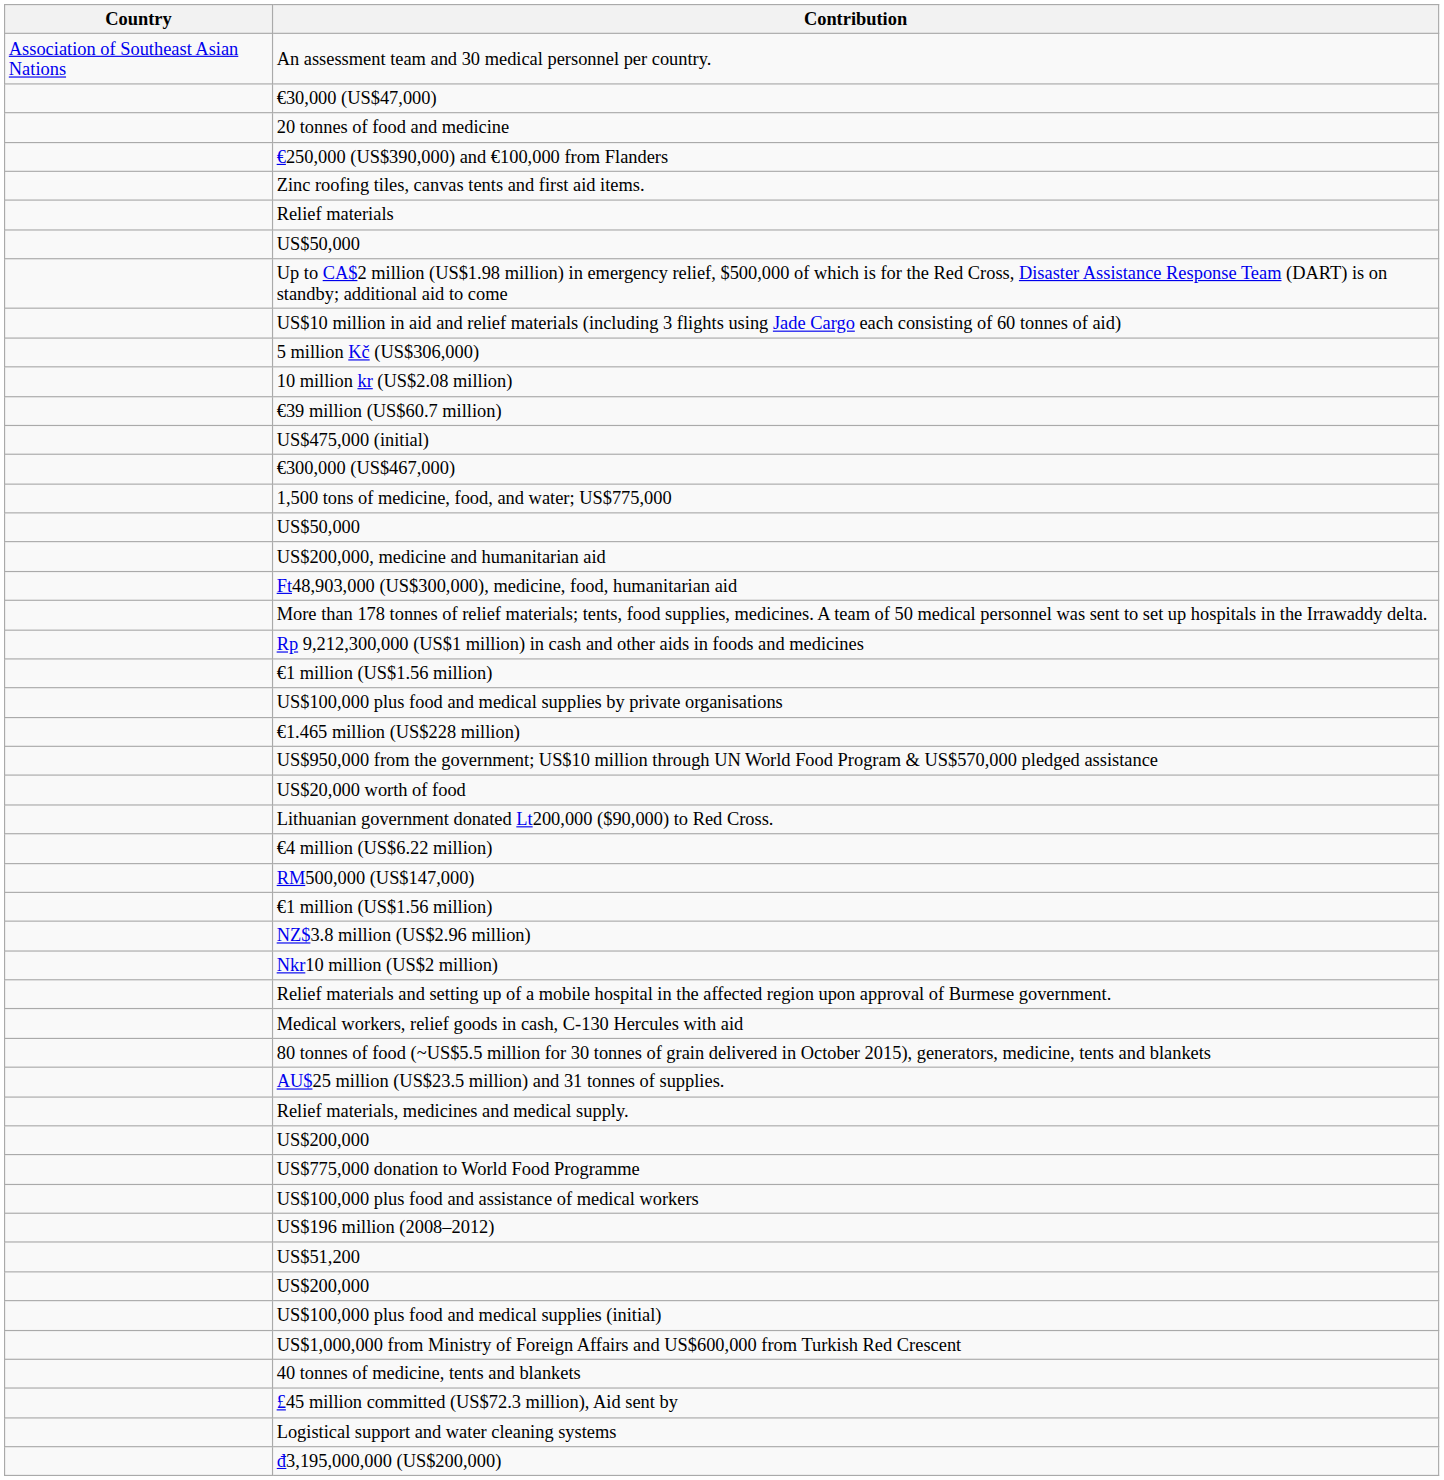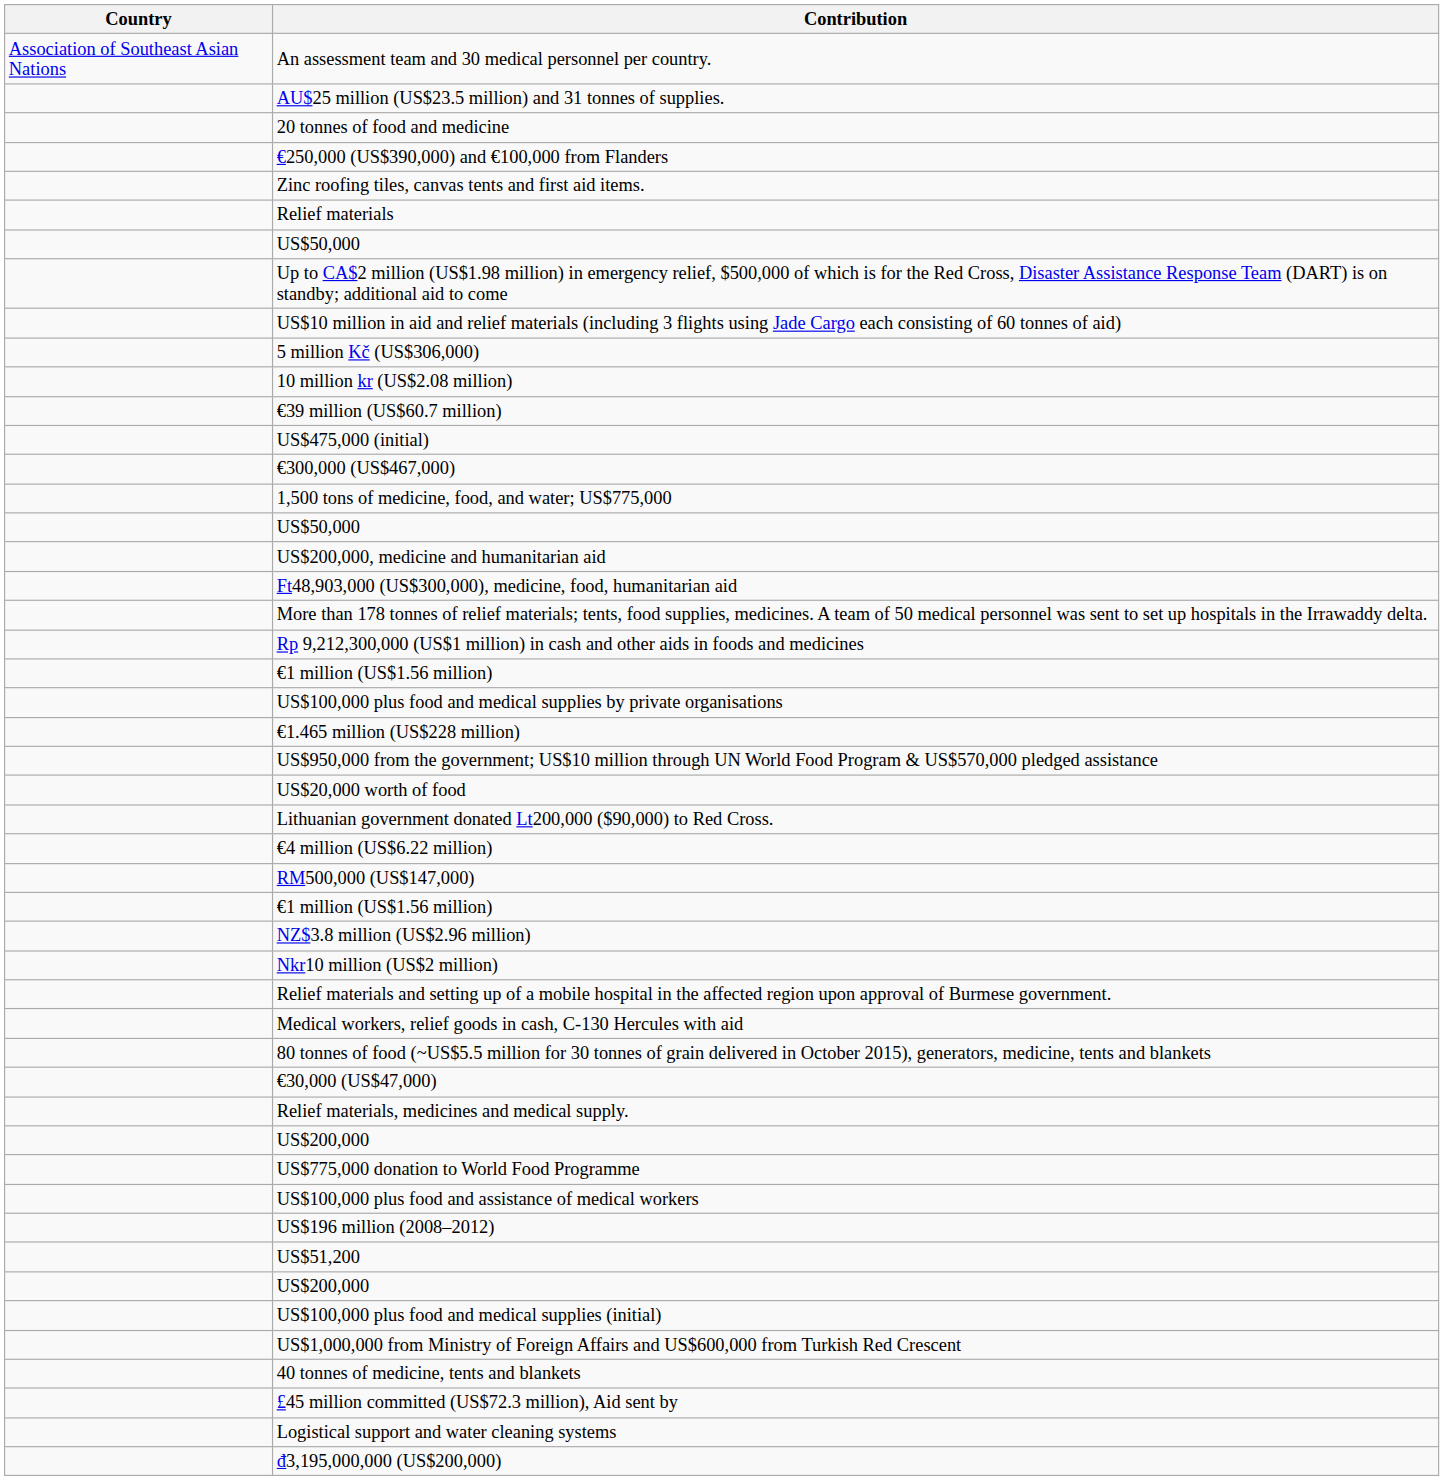 <table class="wikitable">
 <tr>
 <th>Country</th>
 <th>Contribution</th>
 </tr>
 <tr>
 <td><a href='#'>Association of Southeast Asian Nations</a></td>
 <td>An assessment team and 30 medical personnel per country.</td>
 </tr>
 <tr>
 <td></td>
-<td>€30,000 (US$47,000)</td>
+<td><a href='#'>AU$</a>25 million (US$23.5 million) and 31 tonnes of supplies.</td>
 </tr>
 <tr>
 <td></td>
 <td>20 tonnes of food and medicine</td>
 </tr>
 <tr>
 <td></td>
 <td><a href='#'>€</a>250,000 (US$390,000) and €100,000 from Flanders</td>
 </tr>
 <tr>
 <td></td>
 <td>Zinc roofing tiles, canvas tents and first aid items.</td>
 </tr>
 <tr>
 <td></td>
 <td>Relief materials</td>
 </tr>
 <tr>
 <td></td>
 <td>US$50,000</td>
 </tr>
 <tr>
 <td></td>
 <td>Up to <a href='#'>CA$</a>2 million (US$1.98 million) in emergency relief, $500,000 of which is for the Red Cross, <a href='#'>Disaster Assistance Response Team</a> (DART) is on standby; additional aid to come</td>
 </tr>
 <tr>
 <td></td>
 <td>US$10 million in aid and relief materials (including 3 flights using <a href='#'>Jade Cargo</a> each consisting of 60 tonnes of aid)</td>
 </tr>
 <tr>
 <td></td>
 <td>5 million <a href='#'>Kč</a> (US$306,000)</td>
 </tr>
 <tr>
 <td></td>
 <td>10 million <a href='#'>kr</a> (US$2.08 million)</td>
 </tr>
 <tr>
 <td></td>
 <td>€39 million (US$60.7 million)</td>
 </tr>
 <tr>
 <td></td>
 <td>US$475,000 (initial)</td>
 </tr>
 <tr>
 <td></td>
 <td>€300,000 (US$467,000)</td>
 </tr>
 <tr>
 <td></td>
 <td>1,500 tons of medicine, food, and water; US$775,000</td>
 </tr>
 <tr>
 <td></td>
 <td>US$50,000</td>
 </tr>
 <tr>
 <td></td>
 <td>US$200,000, medicine and humanitarian aid</td>
 </tr>
 <tr>
 <td></td>
 <td><a href='#'>Ft</a>48,903,000 (US$300,000), medicine, food, humanitarian aid</td>
 </tr>
 <tr>
 <td></td>
 <td>More than 178 tonnes of relief materials; tents, food supplies, medicines. A team of 50 medical personnel was sent to set up hospitals in the Irrawaddy delta.</td>
 </tr>
 <tr>
 <td></td>
 <td><a href='#'>Rp</a> 9,212,300,000 (US$1 million) in cash and other aids in foods and medicines</td>
 </tr>
 <tr>
 <td></td>
 <td>€1 million (US$1.56 million)</td>
 </tr>
 <tr>
 <td></td>
 <td>US$100,000 plus food and medical supplies by private organisations</td>
 </tr>
 <tr>
 <td></td>
 <td>€1.465 million (US$228 million)</td>
 </tr>
 <tr>
 <td></td>
 <td>US$950,000 from the government; US$10 million through UN World Food Program & US$570,000 pledged assistance</td>
 </tr>
 <tr>
 <td></td>
 <td>US$20,000 worth of food</td>
 </tr>
 <tr>
 <td></td>
 <td>Lithuanian government donated <a href='#'>Lt</a>200,000 ($90,000) to Red Cross.</td>
 </tr>
 <tr>
 <td></td>
 <td>€4 million (US$6.22 million)</td>
 </tr>
 <tr>
 <td></td>
 <td><a href='#'>RM</a>500,000 (US$147,000)</td>
 </tr>
 <tr>
 <td></td>
 <td>€1 million (US$1.56 million)</td>
 </tr>
 <tr>
 <td></td>
 <td><a href='#'>NZ$</a>3.8 million (US$2.96 million)</td>
 </tr>
 <tr>
 <td></td>
 <td><a href='#'>Nkr</a>10 million (US$2 million)</td>
 </tr>
 <tr>
 <td></td>
 <td>Relief materials and setting up of a mobile hospital in the affected region upon approval of Burmese government.</td>
 </tr>
 <tr>
 <td></td>
 <td>Medical workers, relief goods in cash, C-130 Hercules with aid</td>
 </tr>
 <tr>
 <td></td>
 <td>80 tonnes of food (~US$5.5 million for 30 tonnes of grain delivered in October 2015), generators, medicine, tents and blankets</td>
 </tr>
 <tr>
 <td></td>
-<td><a href='#'>AU$</a>25 million (US$23.5 million) and 31 tonnes of supplies.</td>
+<td>€30,000 (US$47,000)</td>
 </tr>
 <tr>
 <td></td>
 <td>Relief materials, medicines and medical supply.</td>
 </tr>
 <tr>
 <td></td>
 <td>US$200,000</td>
 </tr>
 <tr>
 <td></td>
 <td>US$775,000 donation to World Food Programme</td>
 </tr>
 <tr>
 <td></td>
 <td>US$100,000 plus food and assistance of medical workers</td>
 </tr>
 <tr>
 <td></td>
 <td>US$196 million (2008–2012)</td>
 </tr>
 <tr>
 <td></td>
 <td>US$51,200</td>
 </tr>
 <tr>
 <td></td>
 <td>US$200,000</td>
 </tr>
 <tr>
 <td></td>
 <td>US$100,000 plus food and medical supplies (initial)</td>
 </tr>
 <tr>
 <td></td>
 <td>US$1,000,000 from Ministry of Foreign Affairs and US$600,000 from Turkish Red Crescent</td>
 </tr>
 <tr>
 <td></td>
 <td>40 tonnes of medicine, tents and blankets</td>
 </tr>
 <tr>
 <td></td>
 <td><a href='#'>£</a>45 million committed (US$72.3 million), Aid sent by </td>
 </tr>
 <tr>
 <td></td>
 <td>Logistical support and water cleaning systems</td>
 </tr>
 <tr>
 <td></td>
 <td><a href='#'>₫</a>3,195,000,000 (US$200,000)</td>
 </tr>
 </table>
